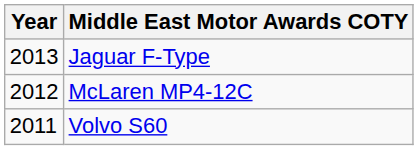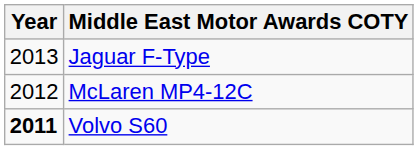 <table class="wikitable sortable">
 <tr>
 <th>Year</th>
 <th>Middle East Motor Awards COTY</th>
 </tr>
 <tr>
 <td>2013</td>
 <td><a href='#'>Jaguar F-Type</a></td>
 </tr>
 <tr>
 <td>2012</td>
 <td><a href='#'>McLaren MP4-12C</a></td>
 </tr>
 <tr>
-<td>2011</td>
+<td><strong>2011</strong></td>
 <td><a href='#'>Volvo S60</a></td>
 </tr>
 </table>
